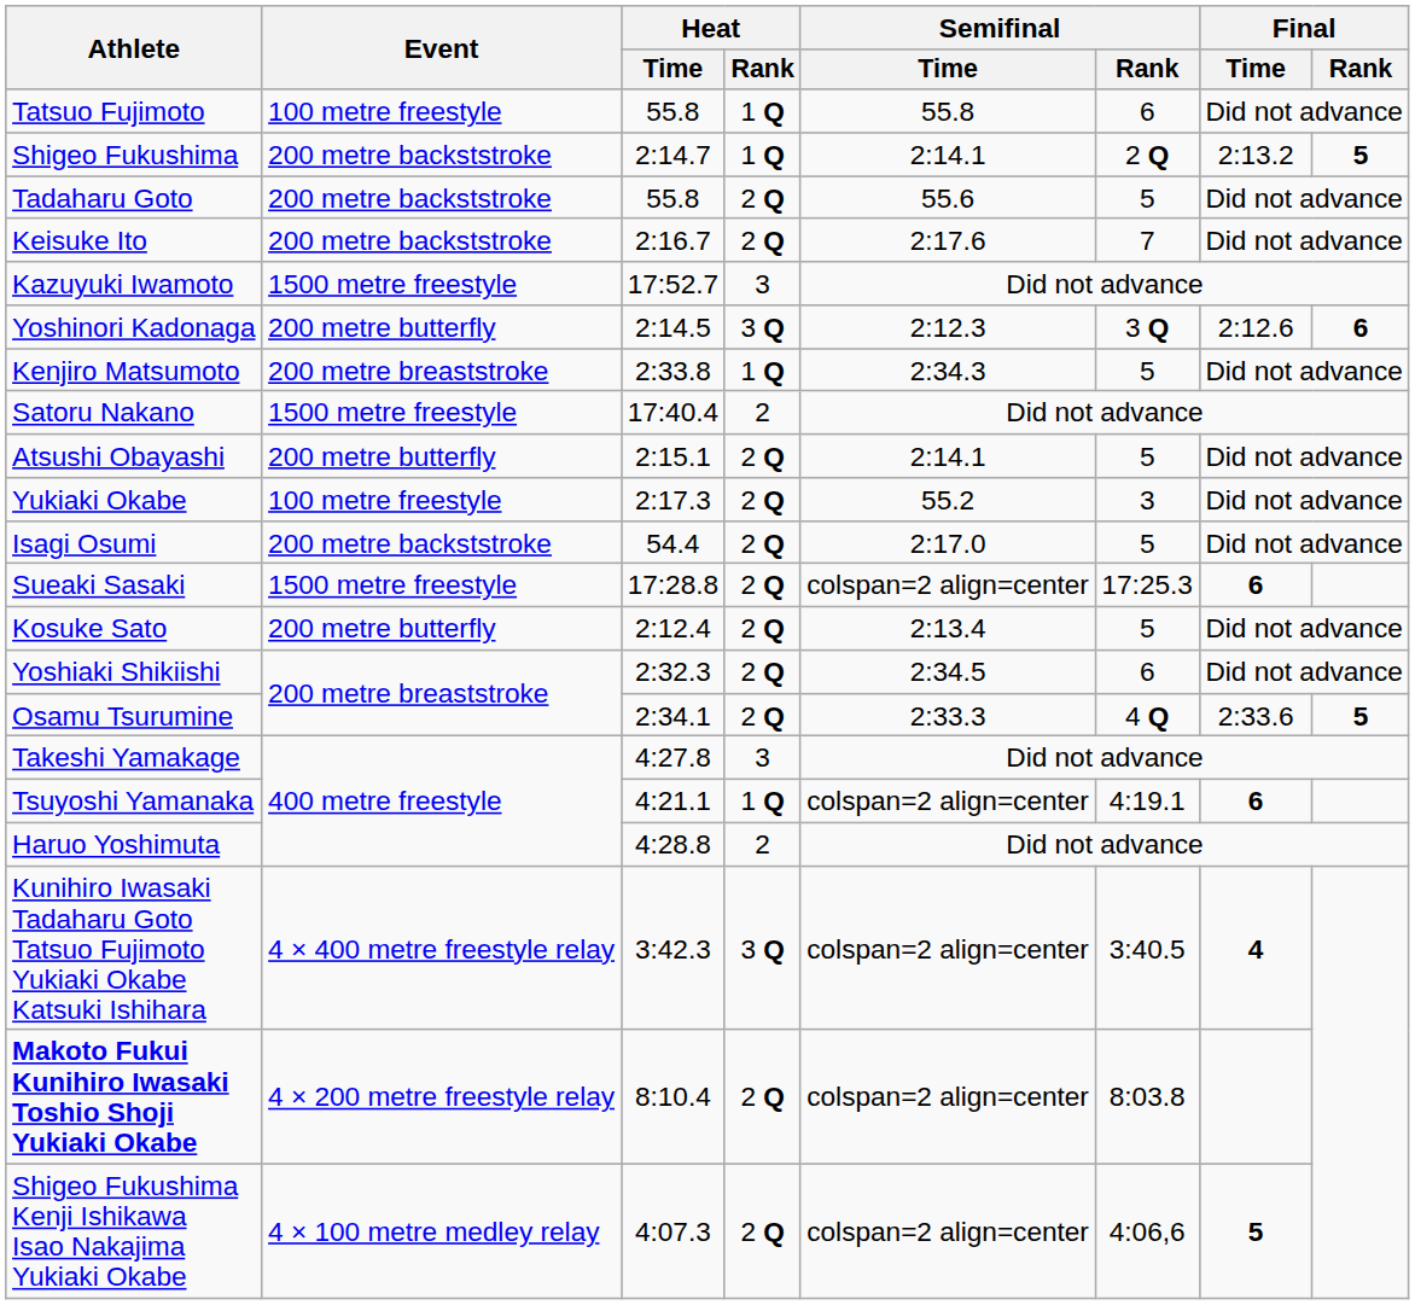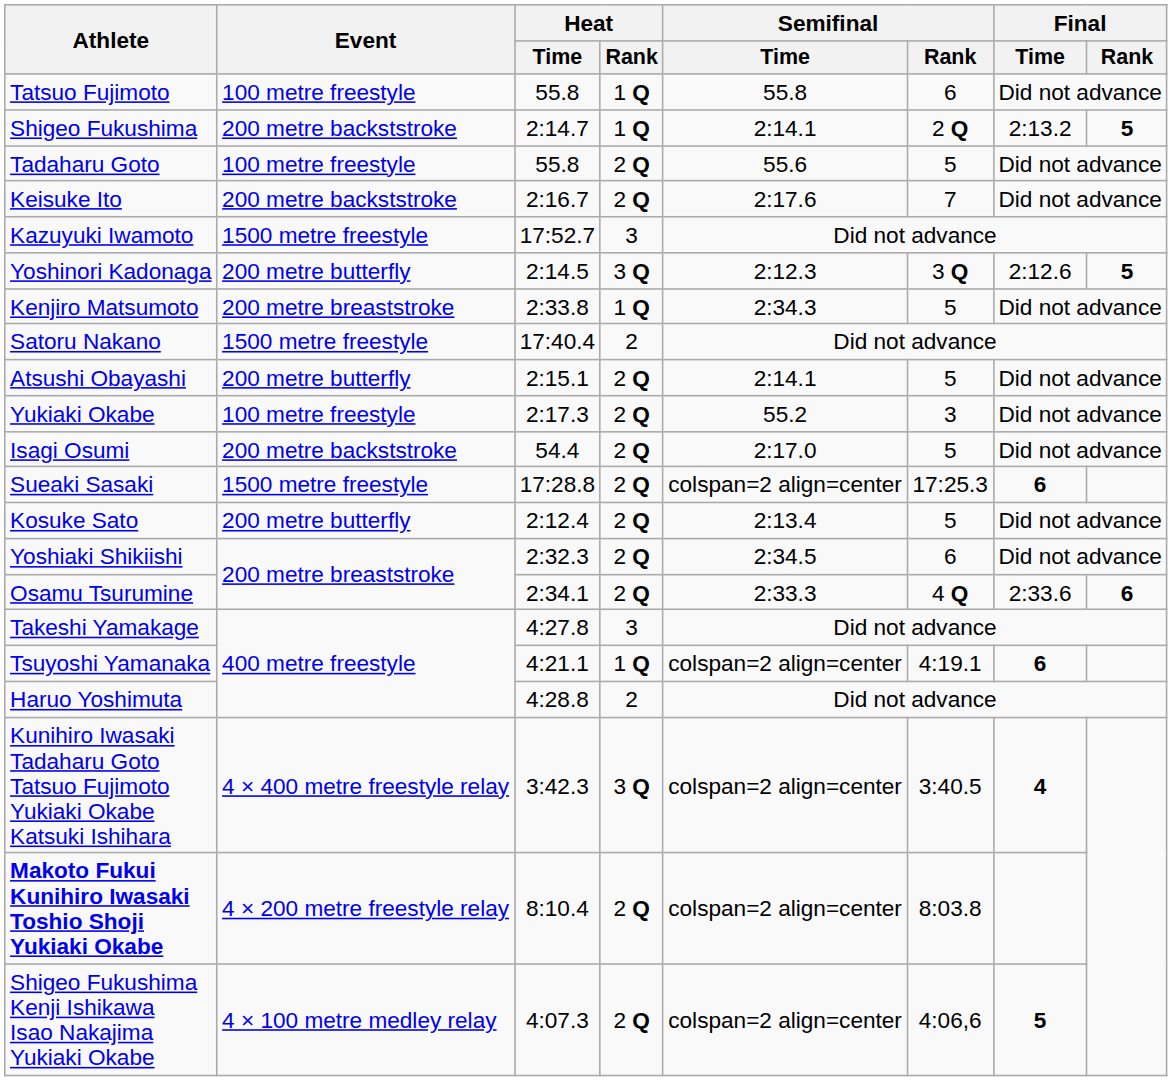 <table class=wikitable style="font-size:90%">
 <tr>
 <th rowspan="2">Athlete</th>
 <th rowspan="2">Event</th>
 <th colspan="2">Heat</th>
 <th colspan="2">Semifinal</th>
 <th colspan="2">Final</th>
 </tr>
 <tr style="font-size:95%">
 <th>Time</th>
 <th>Rank</th>
 <th>Time</th>
 <th>Rank</th>
 <th>Time</th>
 <th>Rank</th>
 </tr>
 <tr align=center>
 <td align=left rowspan=1><a href='#'>Tatsuo Fujimoto</a></td>
 <td align=left><a href='#'>100 metre freestyle</a></td>
 <td align=center>55.8</td>
 <td align=center>1	<strong>Q</strong></td>
 <td align=center>55.8</td>
 <td align=center>6</td>
 <td colspan=2 align=center>Did not advance</td>
 </tr>
 <tr align=center>
 <td align=left rowspan=1><a href='#'>Shigeo Fukushima</a></td>
 <td align=left><a href='#'>200 metre backststroke</a></td>
 <td align=center>2:14.7</td>
 <td align=center>1 <strong>Q</strong></td>
 <td align=center>2:14.1</td>
 <td align=center>2 <strong>Q</strong></td>
 <td align=center>2:13.2</td>
 <td align=center><strong>5</strong></td>
 </tr>
 <tr align=center>
 <td align=left rowspan=1><a href='#'>Tadaharu Goto</a></td>
-<td align=left><a href='#'>200 metre backststroke</a></td>
+<td align=left><a href='#'>100 metre freestyle</a></td>
 <td align=center>55.8</td>
 <td align=center>2	<strong>Q</strong></td>
 <td align=center>55.6</td>
 <td align=center>5</td>
 <td colspan=2 align=center>Did not advance</td>
 </tr>
 <tr align=center>
 <td align=left rowspan=1><a href='#'>Keisuke Ito</a></td>
 <td align=left><a href='#'>200 metre backststroke</a></td>
 <td align=center>2:16.7</td>
 <td align=center>2 <strong>Q</strong></td>
 <td align=center>2:17.6</td>
 <td align=center>7</td>
 <td colspan=2 align=center>Did not advance</td>
 </tr>
 <tr align=center>
 <td align=left rowspan=1><a href='#'>Kazuyuki Iwamoto</a></td>
 <td align=left><a href='#'>1500 metre freestyle</a></td>
 <td align=center>17:52.7</td>
 <td align=center>3</td>
 <td colspan=4 align=center>Did not advance</td>
 </tr>
 <tr align=center>
 <td align=left rowspan=1><a href='#'>Yoshinori Kadonaga</a></td>
 <td align=left><a href='#'>200 metre butterfly</a></td>
 <td align=center>2:14.5</td>
 <td align=center>3 <strong>Q</strong></td>
 <td align=center>2:12.3</td>
 <td align=center>3 <strong>Q</strong></td>
 <td align=center>2:12.6</td>
-<td align=center><strong>6</strong></td>
+<td align=center><strong>5</strong></td>
 </tr>
 <tr align=center>
 <td align=left rowspan=1><a href='#'>Kenjiro Matsumoto</a></td>
 <td align=left><a href='#'>200 metre breaststroke</a></td>
 <td align=center>2:33.8</td>
 <td align=center>1	<strong>Q</strong></td>
 <td align=center>2:34.3</td>
 <td align=center>5</td>
 <td colspan=2 align=center>Did not advance</td>
 </tr>
 <tr align=center>
 <td align=left rowspan=1><a href='#'>Satoru Nakano</a></td>
 <td align=left><a href='#'>1500 metre freestyle</a></td>
 <td align=center>17:40.4</td>
 <td align=center>2</td>
 <td colspan=4 align=center>Did not advance</td>
 </tr>
 <tr align=center>
 <td align=left rowspan=1><a href='#'>Atsushi Obayashi</a></td>
 <td align=left><a href='#'>200 metre butterfly</a></td>
 <td align=center>2:15.1</td>
 <td align=center>2	<strong>Q</strong></td>
 <td align=center>2:14.1</td>
 <td align=center>5</td>
 <td colspan=4 align=center>Did not advance</td>
 </tr>
 <tr align=center>
 <td align=left rowspan=1><a href='#'>Yukiaki Okabe</a></td>
 <td align=left><a href='#'>100 metre freestyle</a></td>
 <td align=center>2:17.3</td>
 <td align=center>2	<strong>Q</strong></td>
 <td align=center>55.2</td>
 <td align=center>3</td>
 <td colspan=2 align=center>Did not advance</td>
 </tr>
 <tr align=center>
 <td align=left rowspan=1><a href='#'>Isagi Osumi</a></td>
 <td align=left><a href='#'>200 metre backststroke</a></td>
 <td align=center>54.4</td>
 <td align=center>2 <strong>Q</strong></td>
 <td align=center>2:17.0</td>
 <td align=center>5</td>
 <td colspan=2 align=center>Did not advance</td>
 </tr>
 <tr align=center>
 <td align=left rowspan=1><a href='#'>Sueaki Sasaki</a></td>
 <td align=left><a href='#'>1500 metre freestyle</a></td>
 <td align=center>17:28.8</td>
 <td align=center>2	<strong>Q</strong></td>
 <td>colspan=2 align=center </td>
 <td align=center>17:25.3</td>
 <td align=center><strong>6</strong></td>
 </tr>
 <tr align=center>
 <td align=left rowspan=1><a href='#'>Kosuke Sato</a></td>
 <td align=left><a href='#'>200 metre butterfly</a></td>
 <td align=center>2:12.4</td>
 <td align=center>2	<strong>Q</strong></td>
 <td align=center>2:13.4</td>
 <td align=center>5</td>
 <td colspan=4 align=center>Did not advance</td>
 </tr>
 <tr align=center>
 <td align=left rowspan=1><a href='#'>Yoshiaki Shikiishi</a></td>
 <td align=left rowspan=2><a href='#'>200 metre breaststroke</a></td>
 <td align=center>2:32.3</td>
 <td align=center>2 <strong>Q</strong></td>
 <td align=center>2:34.5</td>
 <td align=center>6</td>
 <td colspan=4 align=center>Did not advance</td>
 </tr>
 <tr align=center>
 <td align=left rowspan=1><a href='#'>Osamu Tsurumine</a></td>
 <td align=center>2:34.1</td>
 <td align=center>2	<strong>Q</strong></td>
 <td align=center>2:33.3</td>
 <td align=center>4 <strong>Q</strong></td>
 <td align=center>2:33.6</td>
-<td align=center><strong>5</strong></td>
+<td align=center><strong>6</strong></td>
 </tr>
 <tr align=center>
 <td align=left rowspan=1><a href='#'>Takeshi Yamakage</a></td>
 <td align=left rowspan=3><a href='#'>400 metre freestyle</a></td>
 <td align=center>4:27.8</td>
 <td align=center>3</td>
 <td colspan=4 align=center>Did not advance</td>
 </tr>
 <tr align=center>
 <td align=left rowspan=1><a href='#'>Tsuyoshi Yamanaka</a></td>
 <td align=center>4:21.1</td>
 <td align=center>1 <strong>Q</strong></td>
 <td>colspan=2 align=center </td>
 <td align=center>4:19.1</td>
 <td align=center><strong>6</strong></td>
 </tr>
 <tr align=center>
 <td align=left rowspan=1><a href='#'>Haruo Yoshimuta</a></td>
 <td align=center>4:28.8</td>
 <td align=center>2</td>
 <td colspan=4 align=center>Did not advance</td>
 </tr>
 <tr align=center>
 <td align=left rowspan=1><a href='#'>Kunihiro Iwasaki</a><br><a href='#'>Tadaharu Goto</a><br><a href='#'>Tatsuo Fujimoto</a><br><a href='#'>Yukiaki Okabe</a><br><a href='#'>Katsuki Ishihara</a></td>
 <td align=left rowspan=1><a href='#'>4 × 400 metre freestyle relay</a></td>
 <td align=center>3:42.3</td>
 <td align=center>3 <strong>Q</strong></td>
 <td>colspan=2 align=center </td>
 <td align=center>3:40.5</td>
 <td align=center><strong>4</strong></td>
 </tr>
 <tr align=center>
 <td align=left rowspan=1><strong><a href='#'>Makoto Fukui</a><br><a href='#'>Kunihiro Iwasaki</a><br><a href='#'>Toshio Shoji</a><br><a href='#'>Yukiaki Okabe</a></strong></td>
 <td align=left rowspan=1><a href='#'>4 × 200 metre freestyle relay</a></td>
 <td align=center>8:10.4</td>
 <td align=center>2 <strong>Q</strong></td>
 <td>colspan=2 align=center </td>
 <td align=center>8:03.8</td>
 <td align=center></td>
 </tr>
 <tr align=center>
 <td align=left rowspan=1><a href='#'>Shigeo Fukushima</a><br><a href='#'>Kenji Ishikawa</a><br><a href='#'>Isao Nakajima</a><br><a href='#'>Yukiaki Okabe</a></td>
 <td align=left rowspan=1><a href='#'>4 × 100 metre medley relay</a></td>
 <td align=center>4:07.3</td>
 <td align=center>2 <strong>Q</strong></td>
 <td>colspan=2 align=center </td>
 <td align=center>4:06,6</td>
 <td align=center><strong>5</strong></td>
 </tr>
 </table>
